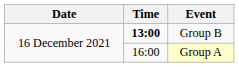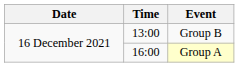 <table class = "wikitable" style="text-align:center;">
 <tr>
 <th width=150>Date</th>
 <th width=50>Time</th>
 <th width=80>Event</th>
 </tr>
 <tr>
 <td rowspan=2>16 December 2021</td>
-<td><strong>13:00</strong></td>
+<td>13:00</td>
 <td>Group B</td>
 </tr>
 <tr>
 <td>16:00</td>
 <td bgcolor=ffffcc>Group A</td>
 </tr>
 </table>
